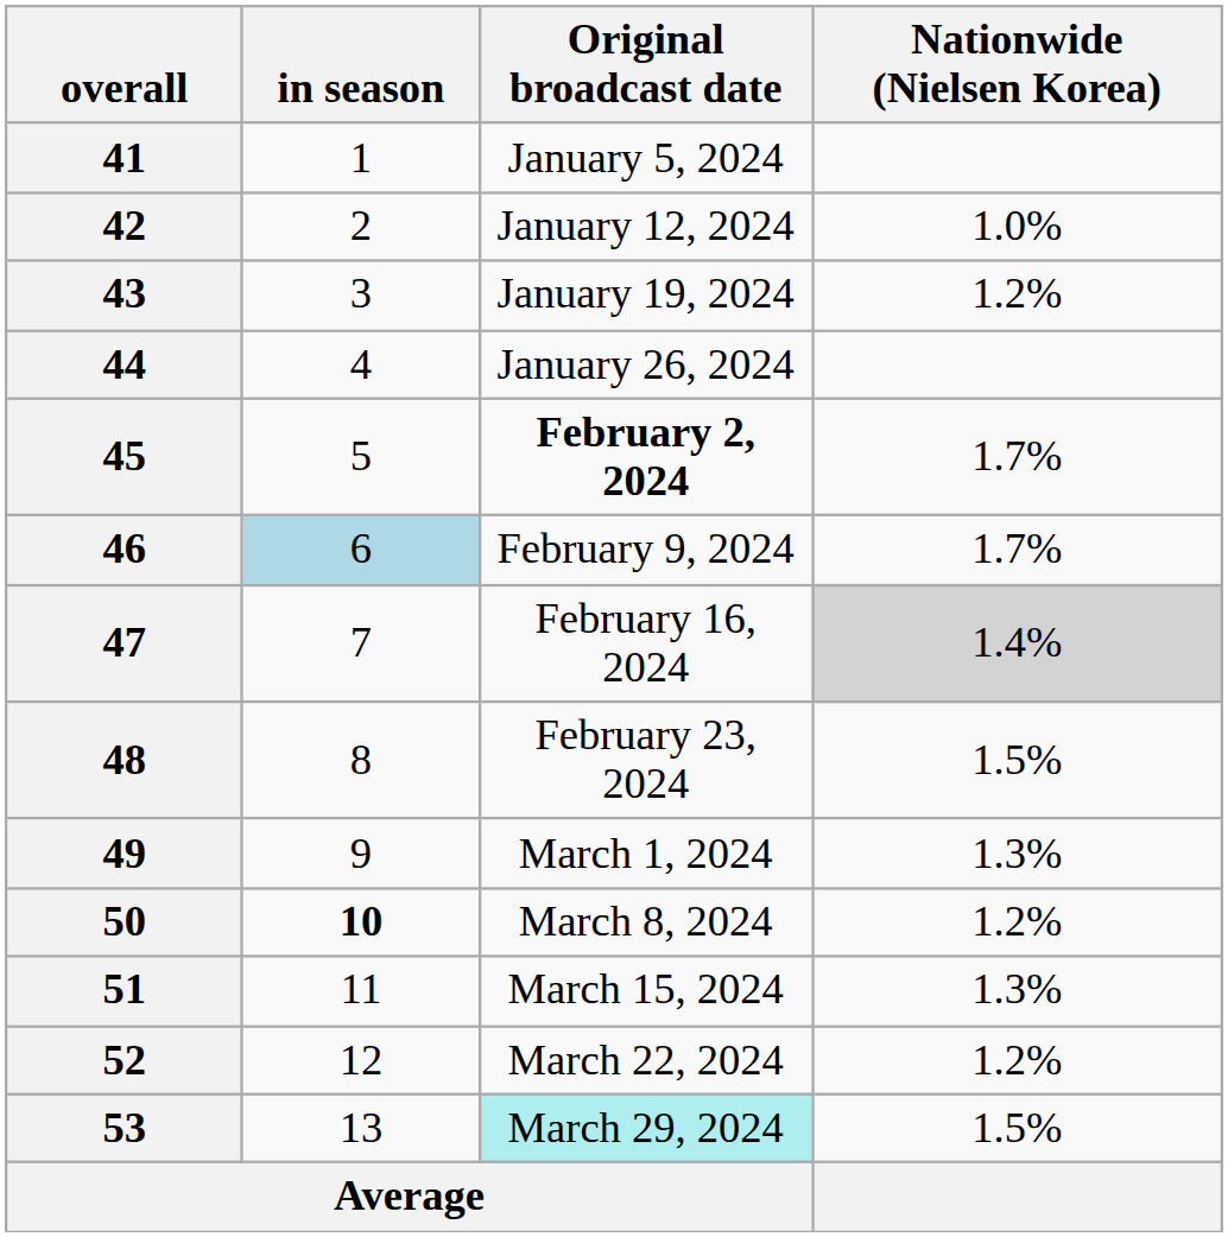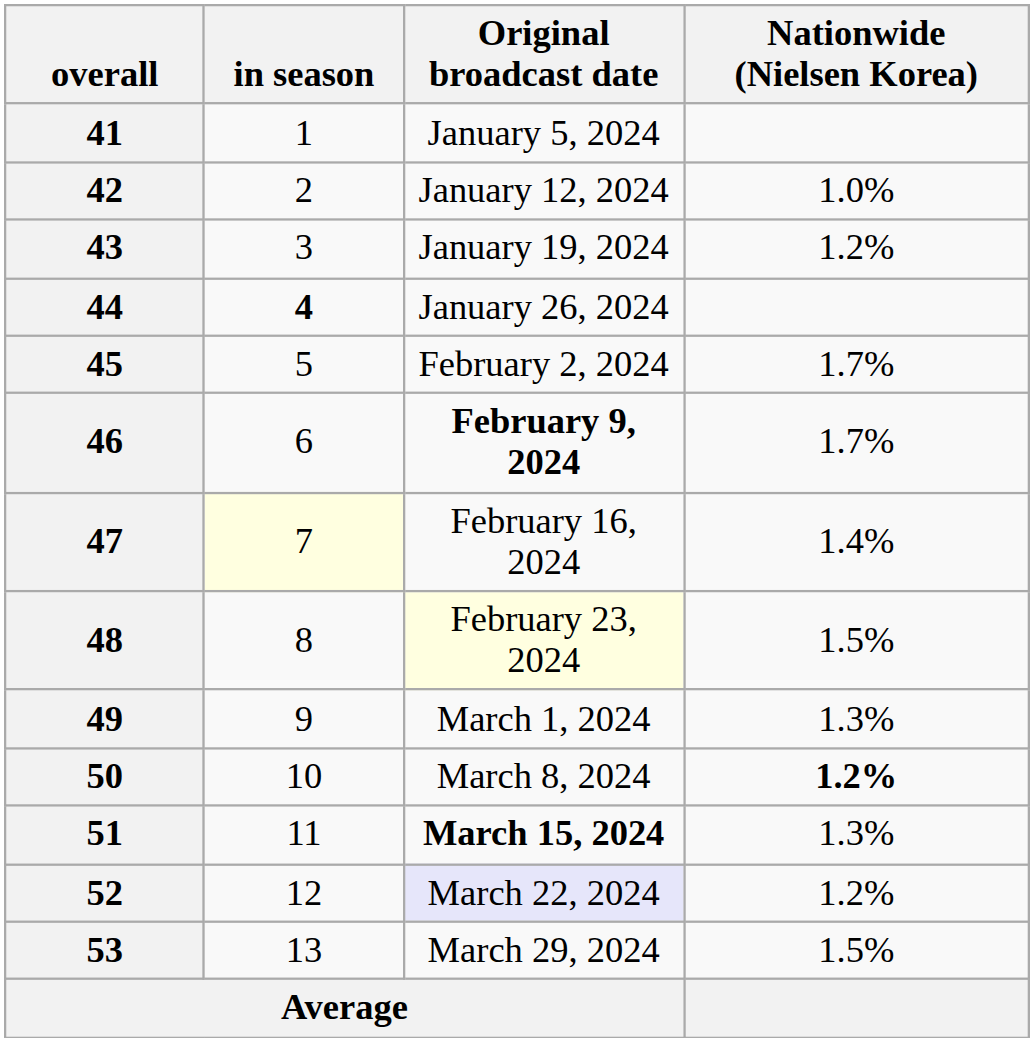 <table class="wikitable" style="width:450px; text-align:center">
 <tr>
 <th scope="col" style="width:5em"><br>overall</th>
 <th scope="col" style="width:5em"><br>in season</th>
 <th scope="col">Original broadcast date</th>
 <th scope="col" style="width:9em">Nationwide<br>(Nielsen Korea)</th>
 </tr>
 <tr>
 <th>41</th>
 <td>1</td>
 <td>January 5, 2024</td>
 <td><strong></strong></td>
 </tr>
 <tr>
 <th>42</th>
 <td>2</td>
 <td>January 12, 2024</td>
 <td>1.0%</td>
 </tr>
 <tr>
 <th>43</th>
 <td>3</td>
 <td>January 19, 2024</td>
 <td>1.2%</td>
 </tr>
 <tr>
 <th>44</th>
-<td>4</td>
+<td><strong>4</strong></td>
 <td>January 26, 2024</td>
 <td><strong></strong></td>
 </tr>
 <tr>
 <th>45</th>
 <td>5</td>
-<td><strong>February 2, 2024</strong></td>
+<td>February 2, 2024</td>
 <td>1.7%</td>
 </tr>
 <tr>
 <th>46</th>
-<td style="background: lightblue;">6</td>
-<td>February 9, 2024</td>
+<td>6</td>
+<td><strong>February 9, 2024</strong></td>
 <td>1.7%</td>
 </tr>
 <tr>
 <th>47</th>
-<td>7</td>
+<td style="background: lightyellow;">7</td>
 <td>February 16, 2024</td>
-<td style="background: lightgrey;">1.4%</td>
+<td>1.4%</td>
 </tr>
 <tr>
 <th>48</th>
 <td>8</td>
-<td>February 23, 2024</td>
+<td style="background: lightyellow;">February 23, 2024</td>
 <td>1.5%</td>
 </tr>
 <tr>
 <th>49</th>
 <td>9</td>
 <td>March 1, 2024</td>
 <td>1.3%</td>
 </tr>
 <tr>
 <th>50</th>
-<td><strong>10</strong></td>
+<td>10</td>
 <td>March 8, 2024</td>
-<td>1.2%</td>
+<td><strong>1.2%</strong></td>
 </tr>
 <tr>
 <th>51</th>
 <td>11</td>
-<td>March 15, 2024</td>
+<td><strong>March 15, 2024</strong></td>
 <td>1.3%</td>
 </tr>
 <tr>
 <th>52</th>
 <td>12</td>
-<td>March 22, 2024</td>
+<td style="background: lavender;">March 22, 2024</td>
 <td>1.2%</td>
 </tr>
 <tr>
 <th>53</th>
 <td>13</td>
-<td style="background: paleturquoise;">March 29, 2024</td>
+<td>March 29, 2024</td>
 <td>1.5%</td>
 </tr>
 <tr>
 <th scope="col" colspan="3">Average</th>
 <th scope="col"></th>
 </tr>
 <tr>
 </tr>
 </table>
